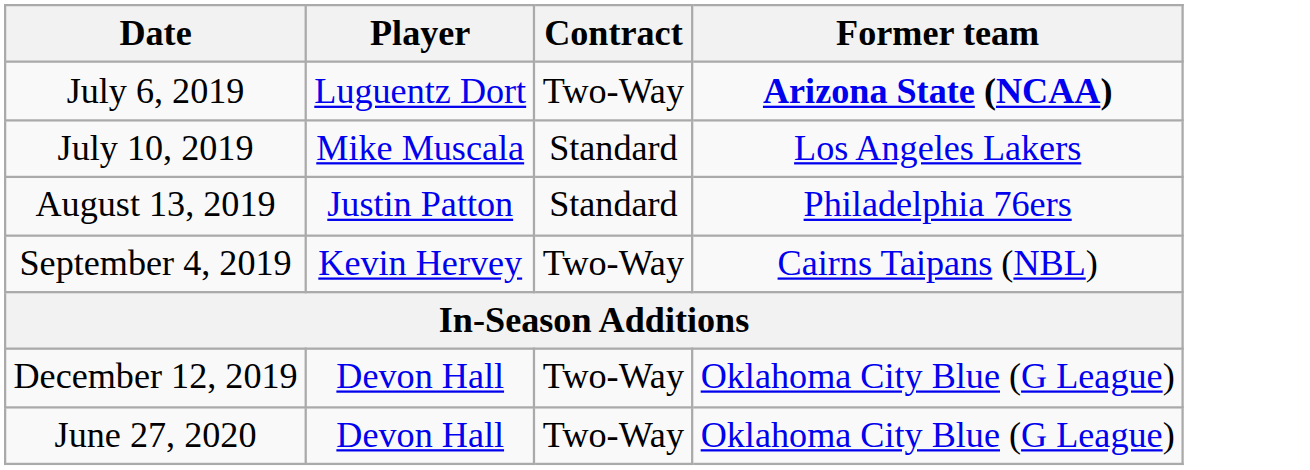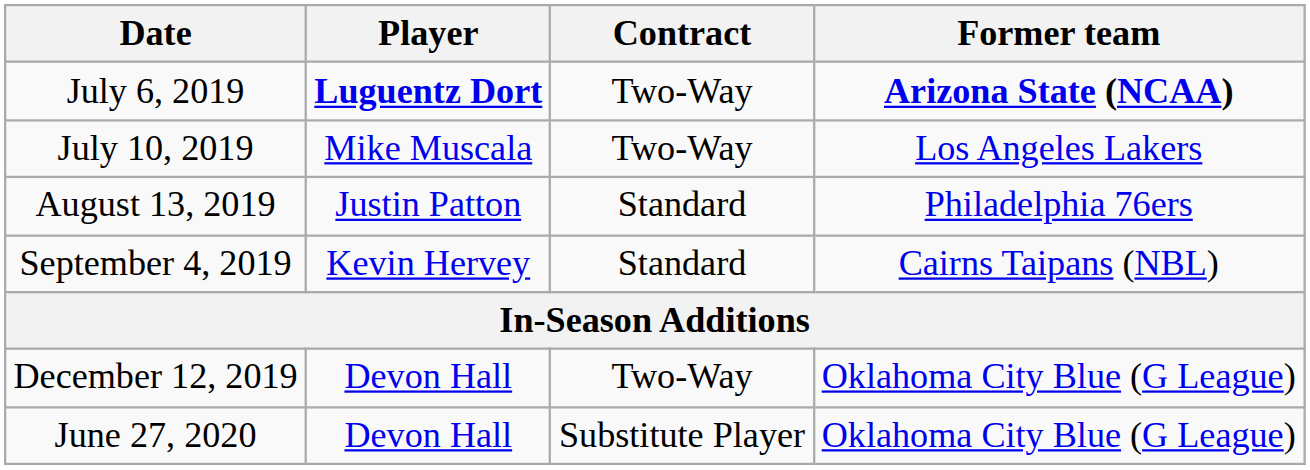 <table class="wikitable" style="text-align: center">
 <tr>
 <th>Date</th>
 <th>Player</th>
 <th>Contract</th>
 <th>Former team</th>
 </tr>
 <tr style="text-align: center">
 <td>July 6, 2019</td>
-<td><a href='#'>Luguentz Dort</a></td>
+<td><strong><a href='#'>Luguentz Dort</a></strong></td>
 <td>Two-Way</td>
 <td><strong> <a href='#'>Arizona State</a> (<a href='#'>NCAA</a>)</strong></td>
 </tr>
 <tr style="text-align: center">
 <td>July 10, 2019</td>
 <td><a href='#'>Mike Muscala</a></td>
-<td>Standard</td>
+<td>Two-Way</td>
 <td><a href='#'>Los Angeles Lakers</a></td>
 </tr>
 <tr style="text-align: center">
 <td>August 13, 2019</td>
 <td><a href='#'>Justin Patton</a></td>
 <td>Standard</td>
 <td><a href='#'>Philadelphia 76ers</a></td>
 </tr>
 <tr style="text-align: center">
 <td>September 4, 2019</td>
 <td><a href='#'>Kevin Hervey</a></td>
-<td>Two-Way</td>
+<td>Standard</td>
 <td><a href='#'>Cairns Taipans</a> (<a href='#'>NBL</a>)</td>
 </tr>
 <tr>
 <th scope="row" colspan="6" style="text-align:center;”">In-Season Additions</th>
 </tr>
 <tr style="text-align: center">
 <td>December 12, 2019</td>
 <td><a href='#'>Devon Hall</a></td>
 <td>Two-Way</td>
 <td><a href='#'>Oklahoma City Blue</a> (<a href='#'>G League</a>)</td>
 </tr>
 <tr style="text-align: center">
 <td>June 27, 2020</td>
 <td><a href='#'>Devon Hall</a></td>
-<td>Two-Way</td>
+<td>Substitute Player</td>
 <td><a href='#'>Oklahoma City Blue</a> (<a href='#'>G League</a>)</td>
 </tr>
 </table>
